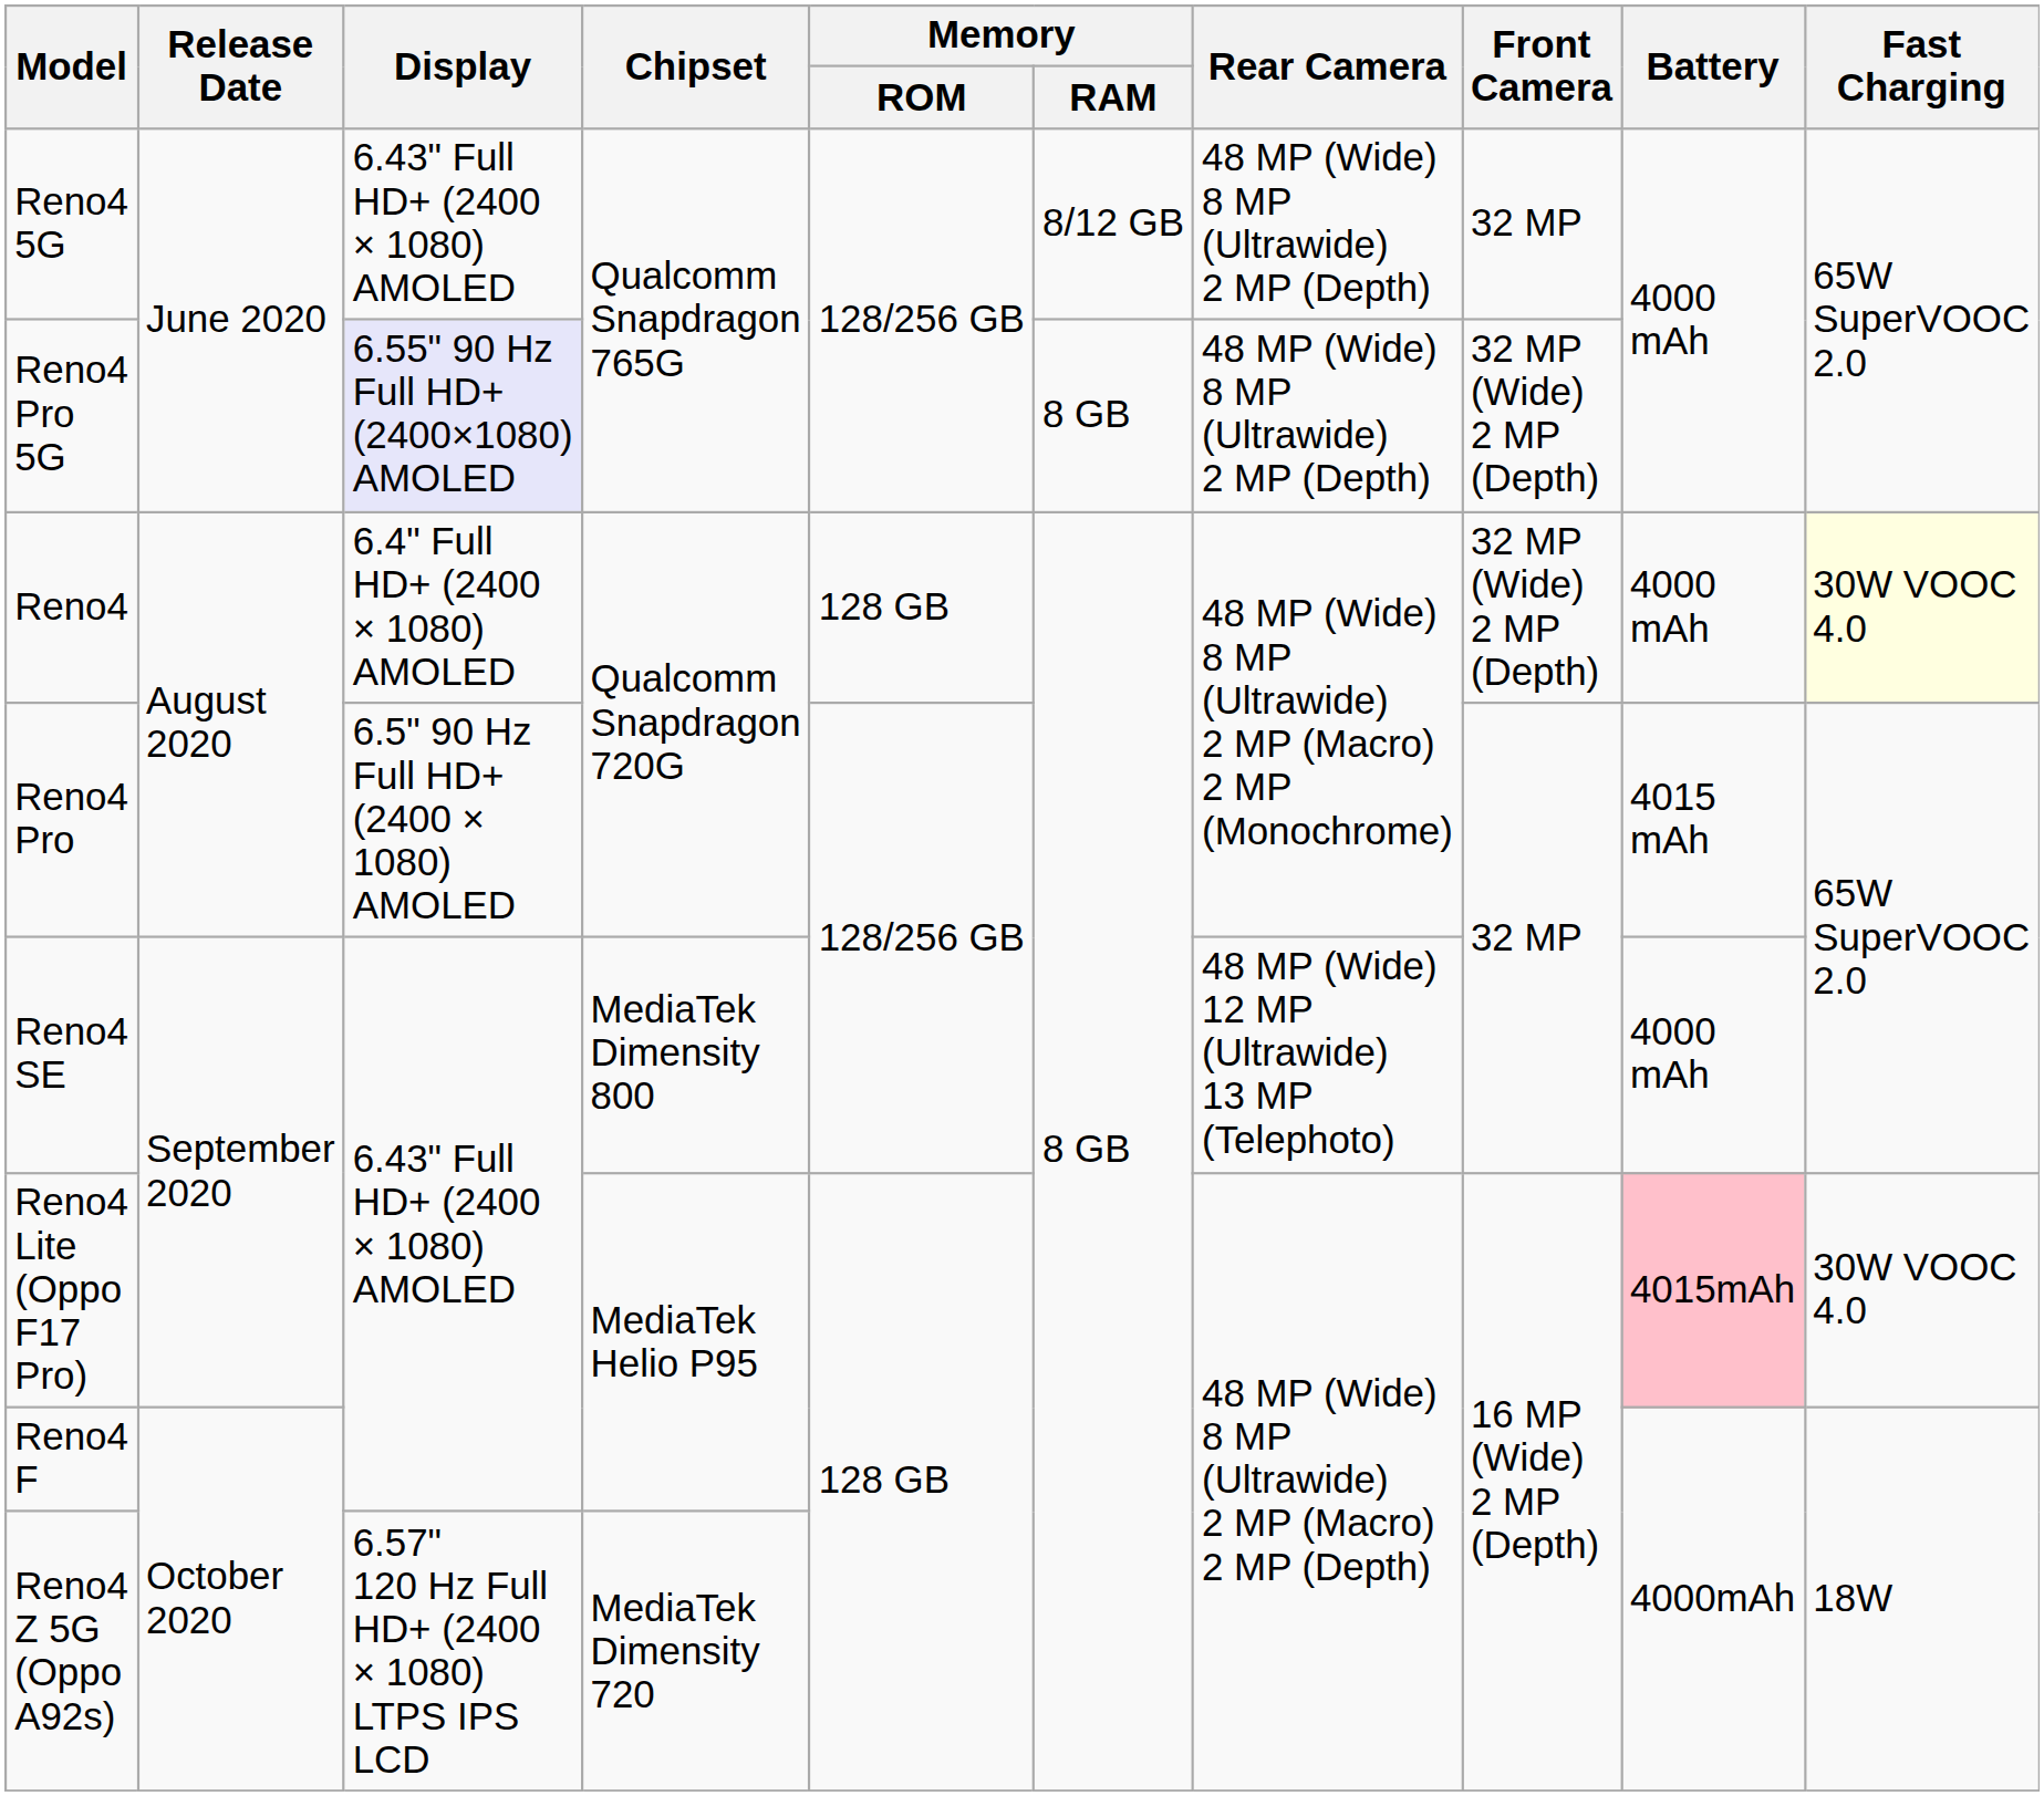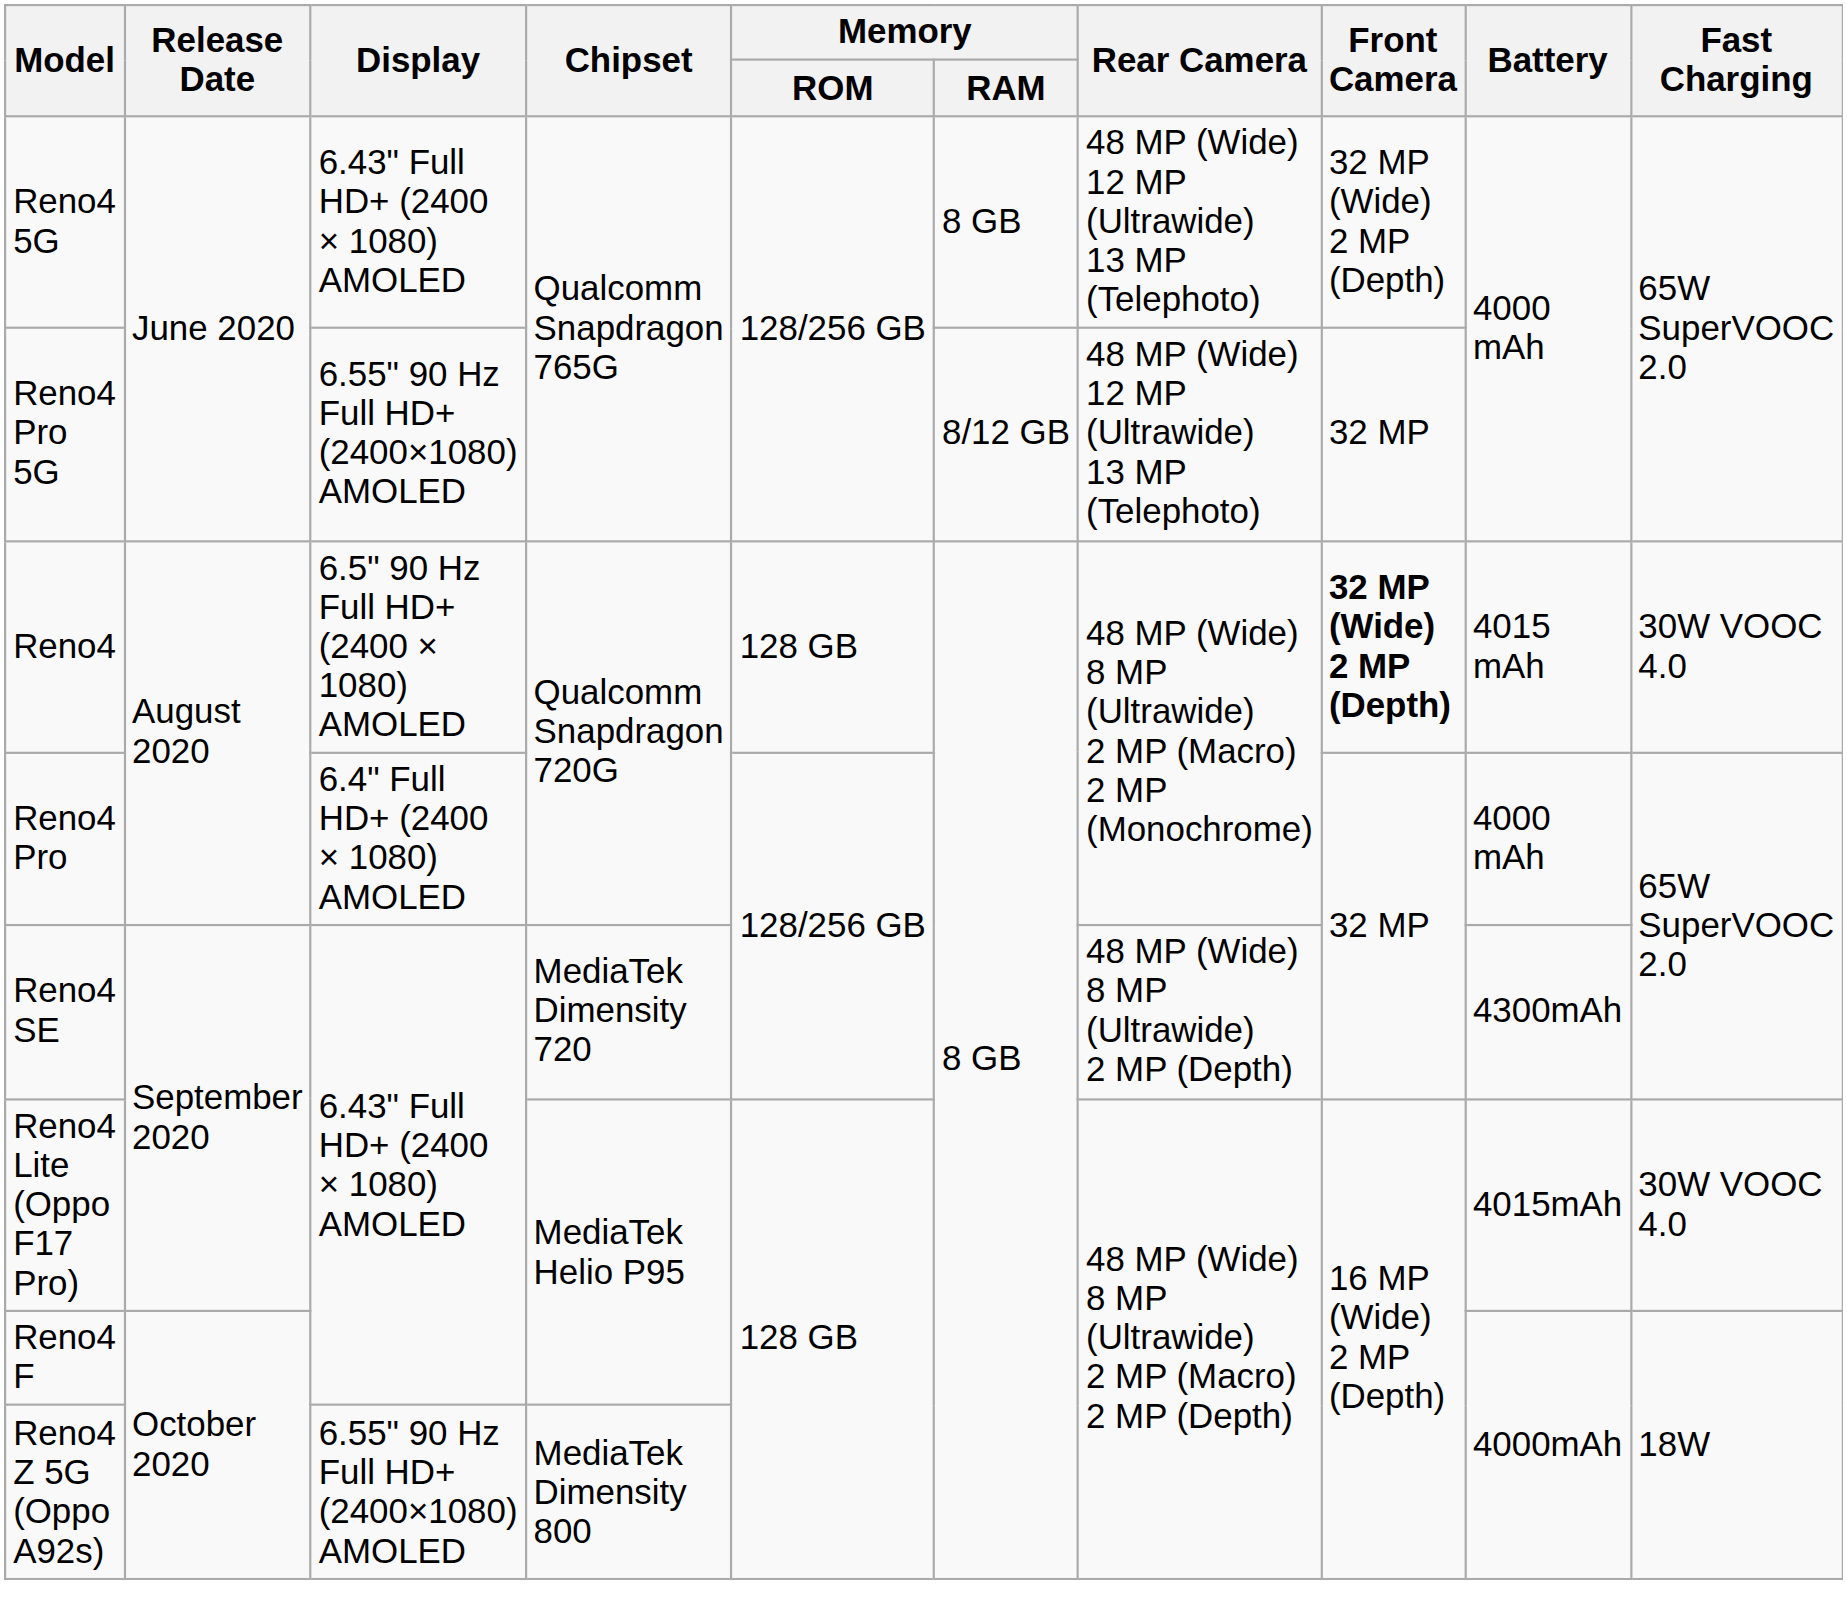 <table class="wikitable sortable">
 <tr>
 <th rowspan="2">Model</th>
 <th rowspan="2">Release Date</th>
 <th rowspan="2">Display</th>
 <th rowspan="2">Chipset</th>
 <th colspan="2">Memory</th>
 <th rowspan="2">Rear Camera</th>
 <th rowspan="2">Front Camera</th>
 <th rowspan="2">Battery</th>
 <th rowspan="2">Fast Charging</th>
 </tr>
 <tr>
 <th>ROM</th>
 <th>RAM</th>
 </tr>
 <tr>
 <td>Reno4 5G</td>
 <td rowspan="2">June 2020</td>
 <td>6.43" Full HD+ (2400 × 1080) AMOLED</td>
 <td rowspan="2">Qualcomm Snapdragon 765G</td>
 <td rowspan="2">128/256 GB</td>
-<td>8/12 GB</td>
-<td>48 MP (Wide)<br>8 MP (Ultrawide) 2 MP (Depth)</td>
-<td>32 MP</td>
+<td>8 GB</td>
+<td>48 MP (Wide)<br>12 MP (Ultrawide) 13 MP (Telephoto)</td>
+<td>32 MP (Wide)<br>2 MP (Depth)</td>
 <td rowspan="2">4000 mAh</td>
 <td rowspan="2">65W SuperVOOC 2.0</td>
 </tr>
 <tr>
 <td>Reno4 Pro 5G</td>
-<td style="background: lavender;">6.55" 90 Hz Full HD+ (2400×1080) AMOLED</td>
-<td>8 GB</td>
-<td>48 MP (Wide)<br>8 MP (Ultrawide) 2 MP (Depth)</td>
-<td>32 MP (Wide)<br>2 MP (Depth)</td>
+<td>6.55" 90 Hz Full HD+ (2400×1080) AMOLED</td>
+<td>8/12 GB</td>
+<td>48 MP (Wide)<br>12 MP (Ultrawide) 13 MP (Telephoto)</td>
+<td>32 MP</td>
 </tr>
 <tr>
 <td>Reno4</td>
 <td rowspan="2">August 2020</td>
-<td>6.4" Full HD+ (2400 × 1080) AMOLED</td>
+<td>6.5" 90 Hz Full HD+ (2400 × 1080) AMOLED</td>
 <td rowspan="2">Qualcomm Snapdragon 720G</td>
 <td>128 GB</td>
 <td rowspan="6">8 GB</td>
 <td rowspan="2">48 MP (Wide)<br>8 MP (Ultrawide) 2 MP (Macro) 2 MP (Monochrome)</td>
-<td>32 MP (Wide)<br>2 MP (Depth)</td>
-<td>4000 mAh</td>
-<td style="background: lightyellow;">30W VOOC 4.0</td>
+<td><strong>32 MP (Wide)<br>2 MP (Depth)</strong></td>
+<td>4015 mAh</td>
+<td>30W VOOC 4.0</td>
 </tr>
 <tr>
 <td>Reno4 Pro</td>
-<td>6.5" 90 Hz Full HD+ (2400 × 1080) AMOLED</td>
+<td>6.4" Full HD+ (2400 × 1080) AMOLED</td>
 <td rowspan="2">128/256 GB</td>
 <td rowspan="2">32 MP</td>
-<td>4015 mAh</td>
+<td>4000 mAh</td>
 <td rowspan="2">65W SuperVOOC 2.0</td>
 </tr>
 <tr>
 <td>Reno4 SE</td>
 <td rowspan="2">September 2020</td>
 <td rowspan="3">6.43" Full HD+ (2400 × 1080) AMOLED</td>
-<td>MediaTek Dimensity 800</td>
-<td>48 MP (Wide)<br>12 MP (Ultrawide) 13 MP (Telephoto)</td>
-<td>4000 mAh</td>
+<td>MediaTek Dimensity 720</td>
+<td>48 MP (Wide)<br>8 MP (Ultrawide) 2 MP (Depth)</td>
+<td>4300mAh</td>
 </tr>
 <tr>
 <td>Reno4 Lite (Oppo F17 Pro)</td>
 <td rowspan="2">MediaTek Helio P95</td>
 <td rowspan="3">128 GB</td>
 <td rowspan="3">48 MP (Wide)<br>8 MP (Ultrawide) 2 MP (Macro) 2 MP (Depth)</td>
 <td rowspan="3">16 MP (Wide)<br>2 MP (Depth)</td>
-<td style="background: pink;">4015mAh</td>
+<td>4015mAh</td>
 <td>30W VOOC 4.0</td>
 </tr>
 <tr>
 <td>Reno4 F</td>
 <td rowspan="2">October 2020</td>
 <td rowspan="2">4000mAh</td>
 <td rowspan="2">18W</td>
 </tr>
 <tr>
 <td>Reno4 Z 5G (Oppo A92s)</td>
-<td>6.57" 120 Hz Full HD+ (2400 × 1080) LTPS IPS LCD</td>
-<td>MediaTek Dimensity 720</td>
+<td>6.55" 90 Hz Full HD+ (2400×1080) AMOLED</td>
+<td>MediaTek Dimensity 800</td>
 </tr>
 </table>
